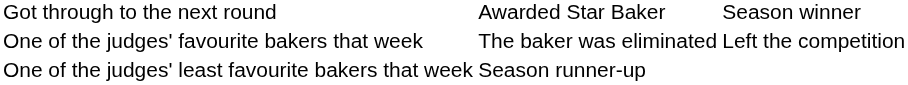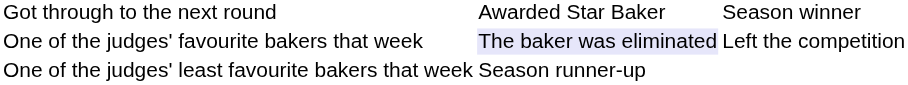 <table>
 <tr>
 <td> Got through to the next round</td>
 <td> Awarded Star Baker</td>
 <td> Season winner</td>
 </tr>
 <tr>
 <td> One of the judges' favourite bakers that week</td>
-<td> The baker was eliminated</td>
+<td style="background: lavender;"> The baker was eliminated</td>
 <td> Left the competition</td>
 </tr>
 <tr>
 <td> One of the judges' least favourite bakers that week</td>
 <td> Season runner-up</td>
 </tr>
 <tr>
 </tr>
 </table>
